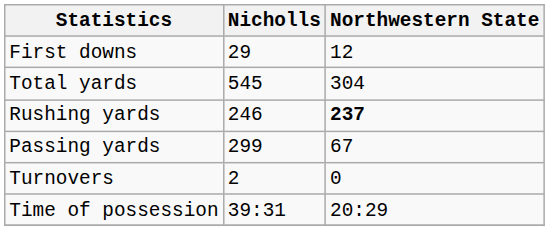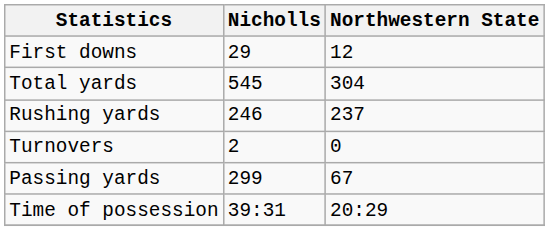 <table class="wikitable">
 <tr>
 <th>Statistics</th>
 <th>Nicholls</th>
 <th>Northwestern State</th>
 </tr>
 <tr>
 <td>First downs</td>
 <td>29</td>
 <td>12</td>
 </tr>
 <tr>
 <td>Total yards</td>
 <td>545</td>
 <td>304</td>
 </tr>
 <tr>
 <td>Rushing yards</td>
 <td>246</td>
-<td><strong>237</strong></td>
+<td>237</td>
+</tr>
+<tr>
+<td>Turnovers</td>
+<td>2</td>
+<td>0</td>
 </tr>
 <tr>
 <td>Passing yards</td>
 <td>299</td>
 <td>67</td>
-</tr>
-<tr>
-<td>Turnovers</td>
-<td>2</td>
-<td>0</td>
 </tr>
 <tr>
 <td>Time of possession</td>
 <td>39:31</td>
 <td>20:29</td>
 </tr>
 <tr>
 </tr>
 </table>
